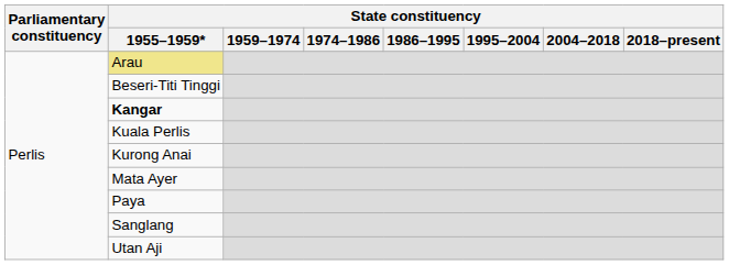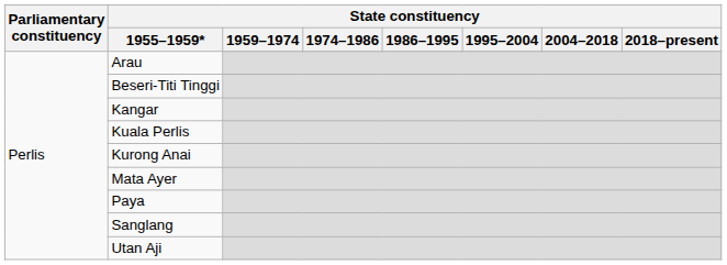 <table class="wikitable">
 <tr>
 <th rowspan="2">Parliamentary<br>constituency</th>
 <th colspan="7">State constituency</th>
 </tr>
 <tr>
 <th>1955–1959*</th>
 <th>1959–1974</th>
 <th>1974–1986</th>
 <th>1986–1995</th>
 <th>1995–2004</th>
 <th>2004–2018</th>
 <th>2018–present</th>
 </tr>
 <tr>
 <td rowspan="9">Perlis</td>
-<td style="background: khaki;">Arau</td>
+<td>Arau</td>
 <td colspan="6" bgcolor="dcdcdc"></td>
 </tr>
 <tr>
 <td>Beseri-Titi Tinggi</td>
 <td colspan="6" bgcolor="dcdcdc"></td>
 </tr>
 <tr>
-<td><strong>Kangar</strong></td>
+<td>Kangar</td>
 <td colspan="6" bgcolor="dcdcdc"></td>
 </tr>
 <tr>
 <td>Kuala Perlis</td>
 <td colspan="6" bgcolor="dcdcdc"></td>
 </tr>
 <tr>
 <td>Kurong Anai</td>
 <td colspan="6" bgcolor="dcdcdc"></td>
 </tr>
 <tr>
 <td>Mata Ayer</td>
 <td colspan="6" bgcolor="dcdcdc"></td>
 </tr>
 <tr>
 <td>Paya</td>
 <td colspan="6" bgcolor="dcdcdc"></td>
 </tr>
 <tr>
 <td>Sanglang</td>
 <td colspan="6" bgcolor="dcdcdc"></td>
 </tr>
 <tr>
 <td>Utan Aji</td>
 <td colspan="6" bgcolor="dcdcdc"></td>
 </tr>
 </table>
